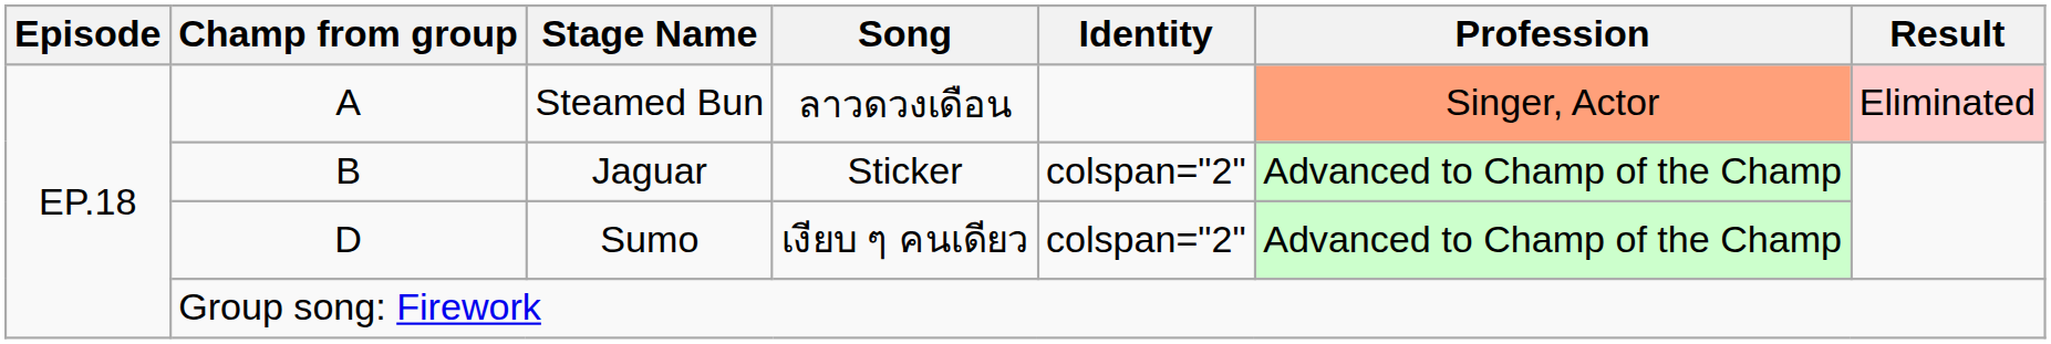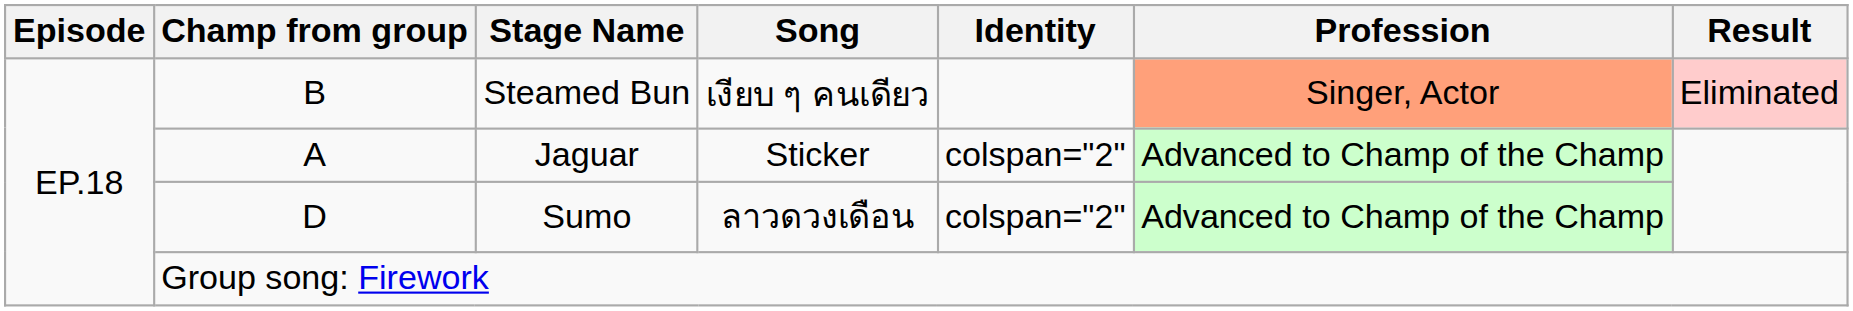 <table class="wikitable">
 <tr>
 <th>Episode</th>
 <th>Champ from group</th>
 <th>Stage Name</th>
 <th>Song</th>
 <th>Identity</th>
 <th>Profession</th>
 <th>Result</th>
 </tr>
 <tr>
 <td rowspan="4" align="center">EP.18</td>
-<td align="center">A</td>
+<td align="center">B</td>
 <td align="center">Steamed Bun</td>
-<td align="center">ลาวดวงเดือน</td>
+<td align="center">เงียบ ๆ คนเดียว</td>
 <td align="center"></td>
 <td align="center" style="background: lightsalmon;">Singer, Actor</td>
 <td align="center" style="background:#ffcccc;">Eliminated</td>
 </tr>
 <tr>
-<td align="center">B</td>
+<td align="center">A</td>
 <td align="center">Jaguar</td>
 <td align="center">Sticker</td>
 <td>colspan="2"  </td>
 <td style="text-align:center; background:#ccffcc;">Advanced to Champ of the Champ</td>
 </tr>
 <tr>
 <td align="center">D</td>
 <td align="center">Sumo</td>
-<td align="center">เงียบ ๆ คนเดียว</td>
+<td align="center">ลาวดวงเดือน</td>
 <td>colspan="2"  </td>
 <td style="text-align:center; background:#ccffcc;">Advanced to Champ of the Champ</td>
 </tr>
 <tr>
 <td colspan="7">Group song: <a href='#'>Firework</a></td>
 </tr>
 </table>
